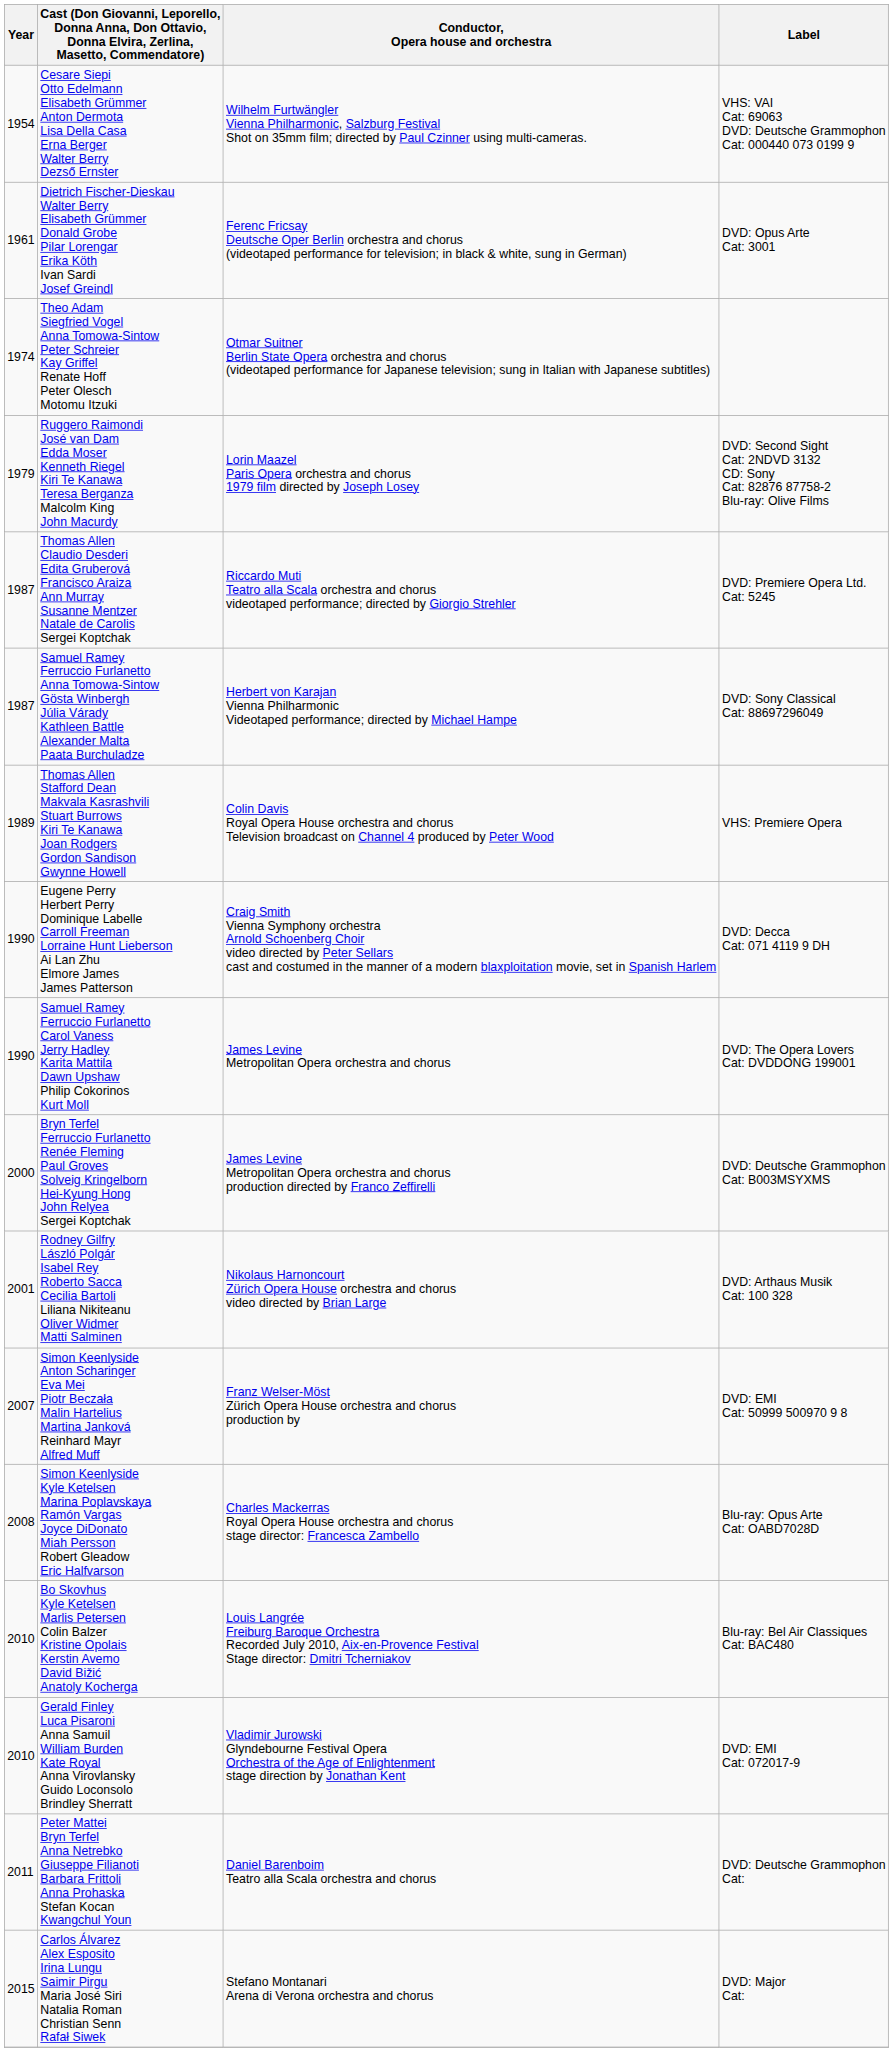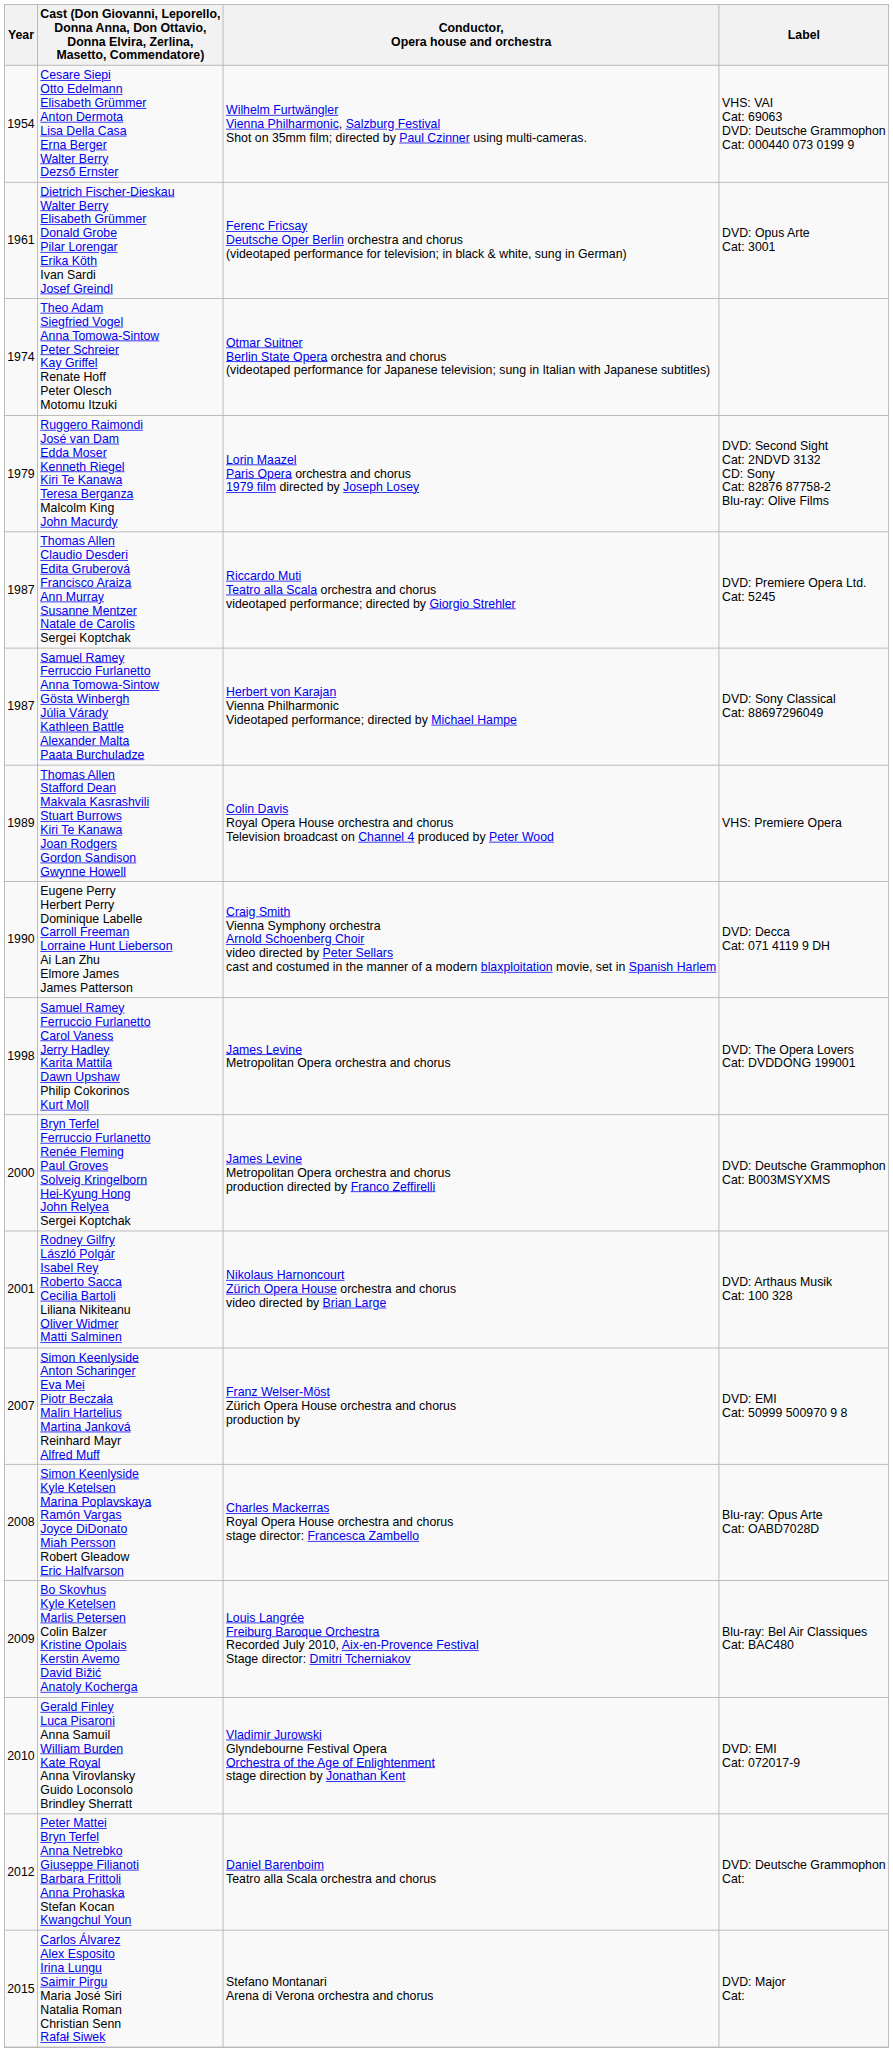 <table class="wikitable">
 <tr>
 <th>Year</th>
 <th>Cast (Don Giovanni, Leporello,<br>Donna Anna, Don Ottavio,<br>Donna Elvira, Zerlina,<br>Masetto, Commendatore)</th>
 <th>Conductor,<br>Opera house and orchestra</th>
 <th>Label</th>
 </tr>
 <tr>
 <td>1954</td>
 <td><a href='#'>Cesare Siepi</a><br><a href='#'>Otto Edelmann</a><br><a href='#'>Elisabeth Grümmer</a><br><a href='#'>Anton Dermota</a><br><a href='#'>Lisa Della Casa</a><br><a href='#'>Erna Berger</a><br><a href='#'>Walter Berry</a><br><a href='#'>Dezső Ernster</a></td>
 <td><a href='#'>Wilhelm Furtwängler</a><br><a href='#'>Vienna Philharmonic</a>, <a href='#'>Salzburg Festival</a><br>Shot on 35mm film; directed by <a href='#'>Paul Czinner</a> using multi-cameras.</td>
 <td>VHS: VAI<br>Cat: 69063<br>DVD: Deutsche Grammophon<br>Cat: 000440 073 0199 9</td>
 </tr>
 <tr>
 <td>1961</td>
 <td><a href='#'>Dietrich Fischer-Dieskau</a><br><a href='#'>Walter Berry</a><br><a href='#'>Elisabeth Grümmer</a><br><a href='#'>Donald Grobe</a><br><a href='#'>Pilar Lorengar</a><br><a href='#'>Erika Köth</a><br>Ivan Sardi<br><a href='#'>Josef Greindl</a></td>
 <td><a href='#'>Ferenc Fricsay</a><br><a href='#'>Deutsche Oper Berlin</a> orchestra and chorus<br>(videotaped performance for television; in black & white, sung in German)</td>
 <td>DVD: Opus Arte<br>Cat: 3001</td>
 </tr>
 <tr>
 <td>1974</td>
 <td><a href='#'>Theo Adam</a><br><a href='#'>Siegfried Vogel</a><br><a href='#'>Anna Tomowa-Sintow</a><br><a href='#'>Peter Schreier</a><br><a href='#'>Kay Griffel</a><br>Renate Hoff<br>Peter Olesch<br>Motomu Itzuki</td>
 <td><a href='#'>Otmar Suitner</a><br><a href='#'>Berlin State Opera</a> orchestra and chorus<br>(videotaped performance for Japanese television; sung in Italian with Japanese subtitles)</td>
 <td></td>
 </tr>
 <tr>
 <td>1979</td>
 <td><a href='#'>Ruggero Raimondi</a><br><a href='#'>José van Dam</a><br><a href='#'>Edda Moser</a><br><a href='#'>Kenneth Riegel</a><br><a href='#'>Kiri Te Kanawa</a><br><a href='#'>Teresa Berganza</a><br>Malcolm King<br><a href='#'>John Macurdy</a></td>
 <td><a href='#'>Lorin Maazel</a><br><a href='#'>Paris Opera</a> orchestra and chorus<br><a href='#'>1979 film</a> directed by <a href='#'>Joseph Losey</a></td>
 <td>DVD: Second Sight<br>Cat: 2NDVD 3132<br>CD: Sony<br>Cat: 82876 87758-2<br>Blu-ray: Olive Films</td>
 </tr>
 <tr>
 <td>1987</td>
 <td><a href='#'>Thomas Allen</a><br><a href='#'>Claudio Desderi</a><br><a href='#'>Edita Gruberová</a><br><a href='#'>Francisco Araiza</a><br><a href='#'>Ann Murray</a><br><a href='#'>Susanne Mentzer</a><br><a href='#'>Natale de Carolis</a><br>Sergei Koptchak</td>
 <td><a href='#'>Riccardo Muti</a><br><a href='#'>Teatro alla Scala</a> orchestra and chorus<br>videotaped performance; directed by <a href='#'>Giorgio Strehler</a></td>
 <td>DVD: Premiere Opera Ltd.<br>Cat: 5245</td>
 </tr>
 <tr>
 <td>1987</td>
 <td><a href='#'>Samuel Ramey</a><br><a href='#'>Ferruccio Furlanetto</a><br><a href='#'>Anna Tomowa-Sintow</a><br><a href='#'>Gösta Winbergh</a><br><a href='#'>Júlia Várady</a><br><a href='#'>Kathleen Battle</a><br><a href='#'>Alexander Malta</a><br><a href='#'>Paata Burchuladze</a><br></td>
 <td><a href='#'>Herbert von Karajan</a><br>Vienna Philharmonic<br>Videotaped performance; directed by <a href='#'>Michael Hampe</a></td>
 <td>DVD: Sony Classical<br>Cat: 88697296049</td>
 </tr>
 <tr>
 <td>1989</td>
 <td><a href='#'>Thomas Allen</a><br><a href='#'>Stafford Dean</a><br><a href='#'>Makvala Kasrashvili</a><br><a href='#'>Stuart Burrows</a><br><a href='#'>Kiri Te Kanawa</a><br><a href='#'>Joan Rodgers</a><br><a href='#'>Gordon Sandison</a><br><a href='#'>Gwynne Howell</a></td>
 <td><a href='#'>Colin Davis</a><br>Royal Opera House orchestra and chorus<br>Television broadcast on <a href='#'>Channel 4</a> produced by <a href='#'>Peter Wood</a></td>
 <td>VHS: Premiere Opera</td>
 </tr>
 <tr>
 <td>1990</td>
 <td>Eugene Perry<br>Herbert Perry<br>Dominique Labelle<br><a href='#'>Carroll Freeman</a><br><a href='#'>Lorraine Hunt Lieberson</a><br>Ai Lan Zhu<br>Elmore James<br>James Patterson</td>
 <td><a href='#'>Craig Smith</a><br>Vienna Symphony orchestra<br><a href='#'>Arnold Schoenberg Choir</a><br>video directed by <a href='#'>Peter Sellars</a><br>cast and costumed in the manner of a modern <a href='#'>blaxploitation</a> movie, set in <a href='#'>Spanish Harlem</a></td>
 <td>DVD: Decca<br>Cat: 071 4119 9 DH</td>
 </tr>
 <tr>
-<td>1990</td>
+<td>1998</td>
 <td><a href='#'>Samuel Ramey</a><br><a href='#'>Ferruccio Furlanetto</a><br><a href='#'>Carol Vaness</a><br><a href='#'>Jerry Hadley</a><br><a href='#'>Karita Mattila</a><br><a href='#'>Dawn Upshaw</a><br>Philip Cokorinos<br><a href='#'>Kurt Moll</a></td>
 <td><a href='#'>James Levine</a><br>Metropolitan Opera orchestra and chorus</td>
 <td>DVD: The Opera Lovers<br>Cat: DVDDONG 199001</td>
 </tr>
 <tr>
 <td>2000</td>
 <td><a href='#'>Bryn Terfel</a><br><a href='#'>Ferruccio Furlanetto</a><br><a href='#'>Renée Fleming</a><br><a href='#'>Paul Groves</a><br><a href='#'>Solveig Kringelborn</a><br><a href='#'>Hei-Kyung Hong</a><br><a href='#'>John Relyea</a><br>Sergei Koptchak</td>
 <td><a href='#'>James Levine</a><br>Metropolitan Opera orchestra and chorus<br>production directed by <a href='#'>Franco Zeffirelli</a></td>
 <td>DVD: Deutsche Grammophon<br>Cat: B003MSYXMS</td>
 </tr>
 <tr>
 <td>2001</td>
 <td><a href='#'>Rodney Gilfry</a><br><a href='#'>László Polgár</a><br><a href='#'>Isabel Rey</a><br><a href='#'>Roberto Sacca</a><br><a href='#'>Cecilia Bartoli</a><br>Liliana Nikiteanu<br><a href='#'>Oliver Widmer</a><br><a href='#'>Matti Salminen</a></td>
 <td><a href='#'>Nikolaus Harnoncourt</a><br><a href='#'>Zürich Opera House</a> orchestra and chorus<br>video directed by <a href='#'>Brian Large</a></td>
 <td>DVD: Arthaus Musik<br>Cat: 100 328</td>
 </tr>
 <tr>
 <td>2007</td>
 <td><a href='#'>Simon Keenlyside</a><br><a href='#'>Anton Scharinger</a><br><a href='#'>Eva Mei</a><br><a href='#'>Piotr Beczała</a><br><a href='#'>Malin Hartelius</a><br><a href='#'>Martina Janková</a><br>Reinhard Mayr<br><a href='#'>Alfred Muff</a></td>
 <td><a href='#'>Franz Welser-Möst</a><br>Zürich Opera House orchestra and chorus<br>production by </td>
 <td>DVD: EMI<br>Cat: 50999 500970 9 8</td>
 </tr>
 <tr>
 <td>2008</td>
 <td><a href='#'>Simon Keenlyside</a><br><a href='#'>Kyle Ketelsen</a><br><a href='#'>Marina Poplavskaya</a><br><a href='#'>Ramón Vargas</a><br><a href='#'>Joyce DiDonato</a><br><a href='#'>Miah Persson</a><br>Robert Gleadow<br><a href='#'>Eric Halfvarson</a></td>
 <td><a href='#'>Charles Mackerras</a><br>Royal Opera House orchestra and chorus<br>stage director: <a href='#'>Francesca Zambello</a></td>
 <td>Blu-ray: Opus Arte<br>Cat: OABD7028D</td>
 </tr>
 <tr>
-<td>2010</td>
+<td>2009</td>
 <td><a href='#'>Bo Skovhus</a><br><a href='#'>Kyle Ketelsen</a><br><a href='#'>Marlis Petersen</a><br>Colin Balzer<br><a href='#'>Kristine Opolais</a><br><a href='#'>Kerstin Avemo</a><br><a href='#'>David Bižić</a><br><a href='#'>Anatoly Kocherga</a></td>
 <td><a href='#'>Louis Langrée</a><br><a href='#'>Freiburg Baroque Orchestra</a><br>Recorded July 2010, <a href='#'>Aix-en-Provence Festival</a><br>Stage director: <a href='#'>Dmitri Tcherniakov</a></td>
 <td>Blu-ray: Bel Air Classiques<br>Cat: BAC480</td>
 </tr>
 <tr>
 <td>2010</td>
 <td><a href='#'>Gerald Finley</a><br><a href='#'>Luca Pisaroni</a><br>Anna Samuil<br><a href='#'>William Burden</a><br><a href='#'>Kate Royal</a><br>Anna Virovlansky<br>Guido Loconsolo<br>Brindley Sherratt</td>
 <td><a href='#'>Vladimir Jurowski</a><br>Glyndebourne Festival Opera<br><a href='#'>Orchestra of the Age of Enlightenment</a><br>stage direction by <a href='#'>Jonathan Kent</a></td>
 <td>DVD: EMI<br>Cat: 072017-9<br></td>
 </tr>
 <tr>
-<td>2011</td>
+<td>2012</td>
 <td><a href='#'>Peter Mattei</a><br><a href='#'>Bryn Terfel</a><br><a href='#'>Anna Netrebko</a><br><a href='#'>Giuseppe Filianoti</a><br><a href='#'>Barbara Frittoli</a><br><a href='#'>Anna Prohaska</a><br>Stefan Kocan<br><a href='#'>Kwangchul Youn</a></td>
 <td><a href='#'>Daniel Barenboim</a><br>Teatro alla Scala orchestra and chorus</td>
 <td>DVD: Deutsche Grammophon<br>Cat:</td>
 </tr>
 <tr>
 <td>2015</td>
 <td><a href='#'>Carlos Álvarez</a><br><a href='#'>Alex Esposito</a><br><a href='#'>Irina Lungu</a><br><a href='#'>Saimir Pirgu</a><br>Maria José Siri<br>Natalia Roman<br>Christian Senn<br><a href='#'>Rafał Siwek</a></td>
 <td>Stefano Montanari<br>Arena di Verona orchestra and chorus</td>
 <td>DVD: Major<br>Cat:</td>
 </tr>
 <tr>
 </tr>
 </table>
